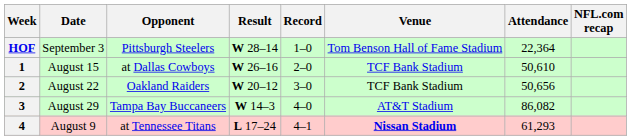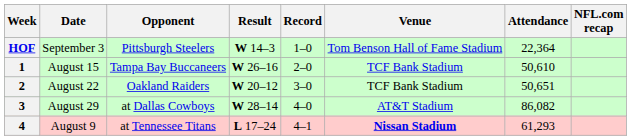 <table class="wikitable" style="text-align:center">
 <tr>
 <th>Week</th>
 <th>Date</th>
 <th>Opponent</th>
 <th>Result</th>
 <th>Record</th>
 <th>Venue</th>
 <th>Attendance</th>
 <th>NFL.com<br>recap</th>
 </tr>
 <tr style="background:#cfc">
 <th><a href='#'>HOF</a></th>
 <td>September 3</td>
 <td><a href='#'>Pittsburgh Steelers</a></td>
-<td><strong>W</strong> 28–14</td>
+<td><strong>W</strong> 14–3</td>
 <td>1–0</td>
 <td><a href='#'>Tom Benson Hall of Fame Stadium</a> </td>
 <td>22,364</td>
 <td></td>
 </tr>
 <tr style="background:#cfc;text-align:center">
 <th>1</th>
 <td>August 15</td>
-<td>at <a href='#'>Dallas Cowboys</a></td>
+<td><a href='#'>Tampa Bay Buccaneers</a></td>
 <td><strong>W</strong> 26–16</td>
 <td>2–0</td>
 <td><a href='#'>TCF Bank Stadium</a></td>
 <td>50,610</td>
 <td></td>
 </tr>
 <tr style="background:#cfc">
 <th>2</th>
 <td>August 22</td>
 <td><a href='#'>Oakland Raiders</a></td>
 <td><strong>W</strong> 20–12</td>
 <td>3–0</td>
 <td>TCF Bank Stadium</td>
-<td>50,656</td>
+<td>50,651</td>
 <td></td>
 </tr>
 <tr style="background:#cfc">
 <th>3</th>
 <td>August 29</td>
-<td><a href='#'>Tampa Bay Buccaneers</a></td>
-<td><strong>W</strong> 14–3</td>
+<td>at <a href='#'>Dallas Cowboys</a></td>
+<td><strong>W</strong> 28–14</td>
 <td>4–0</td>
 <td><a href='#'>AT&T Stadium</a></td>
 <td>86,082</td>
 <td></td>
 </tr>
 <tr style="background:#fcc">
 <th>4</th>
 <td>August 9</td>
 <td>at <a href='#'>Tennessee Titans</a></td>
 <td><strong>L</strong> 17–24</td>
 <td>4–1</td>
 <td><strong><a href='#'>Nissan Stadium</a></strong></td>
 <td>61,293</td>
 <td></td>
 </tr>
 </table>
